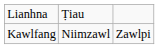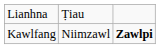 <table class="wikitable">
 <tr>
 <td>Lianhna</td>
 <td>Ṭiau</td>
 <td></td>
 </tr>
 <tr>
 <td>Kawlfang</td>
 <td>Niimzawl</td>
-<td>Zawlpi</td>
+<td><strong>Zawlpi</strong></td>
 </tr>
 </table>
